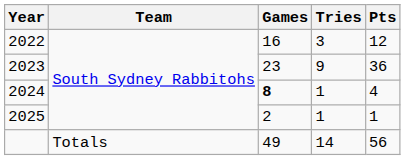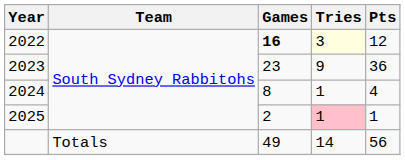 <table class="wikitable">
 <tr>
 <th>Year</th>
 <th>Team</th>
 <th>Games</th>
 <th>Tries</th>
 <th>Pts</th>
 </tr>
 <tr>
 <td>2022</td>
 <td rowspan="4"> <a href='#'>South Sydney Rabbitohs</a></td>
-<td>16</td>
-<td>3</td>
+<td><strong>16</strong></td>
+<td style="background: lightyellow;">3</td>
 <td>12</td>
 </tr>
 <tr>
 <td>2023</td>
 <td>23</td>
 <td>9</td>
 <td>36</td>
 </tr>
 <tr>
 <td>2024</td>
-<td><strong>8</strong></td>
+<td>8</td>
 <td>1</td>
 <td>4</td>
 </tr>
 <tr>
 <td>2025</td>
 <td>2</td>
-<td>1</td>
+<td style="background: pink;">1</td>
 <td>1</td>
 </tr>
 <tr>
 <td></td>
 <td>Totals</td>
 <td>49</td>
 <td>14</td>
 <td>56</td>
 </tr>
 </table>
